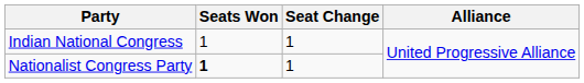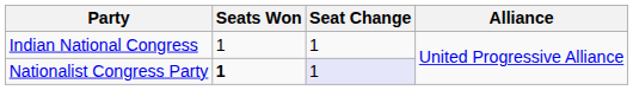 <table class="wikitable">
 <tr>
 <th>Party</th>
 <th>Seats Won</th>
 <th>Seat Change</th>
 <th>Alliance</th>
 </tr>
 <tr>
 <td><a href='#'>Indian National Congress</a></td>
 <td>1</td>
 <td>1</td>
 <td rowspan="2"><a href='#'>United Progressive Alliance</a></td>
 </tr>
 <tr>
 <td><a href='#'>Nationalist Congress Party</a></td>
 <td><strong>1</strong></td>
-<td>1</td>
+<td style="background: lavender;">1</td>
 </tr>
 </table>
